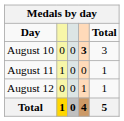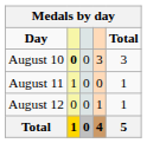 <table class="wikitable" style="font-size:85%; float:right">
 <tr align=center>
 <th colspan=7><strong>Medals by day</strong></th>
 </tr>
 <tr align=center>
 <td><strong>Day</strong></td>
 <td style="background:#f7f6a8;"></td>
 <td style="background:#dce5e5;"></td>
 <td style="background:#ffdab9;"></td>
 <td><strong>Total</strong></td>
 </tr>
 <tr align=center>
 <td>August 10</td>
-<td style="background:#f7f6a8;">0</td>
+<td style="background:#f7f6a8;"><strong>0</strong></td>
 <td style="background:#dce5e5;">0</td>
-<td style="background:#ffdab9;"><strong>3</strong></td>
+<td style="background:#ffdab9;">3</td>
 <td>3</td>
 </tr>
 <tr align=center>
 <td>August 11</td>
 <td style="background:#f7f6a8;">1</td>
 <td style="background:#dce5e5;">0</td>
 <td style="background:#ffdab9;">0</td>
 <td>1</td>
 </tr>
 <tr align=center>
 <td>August 12</td>
 <td style="background:#f7f6a8;">0</td>
 <td style="background:#dce5e5;">0</td>
 <td style="background:#ffdab9;">1</td>
 <td>1</td>
 </tr>
 <tr align=center>
 <th><strong>Total</strong></th>
 <th style="background:gold;"><strong>1</strong></th>
 <th style="background:silver;"><strong>0</strong></th>
 <th style="background:#c96;"><strong>4</strong></th>
 <th><strong>5</strong></th>
 </tr>
 </table>
